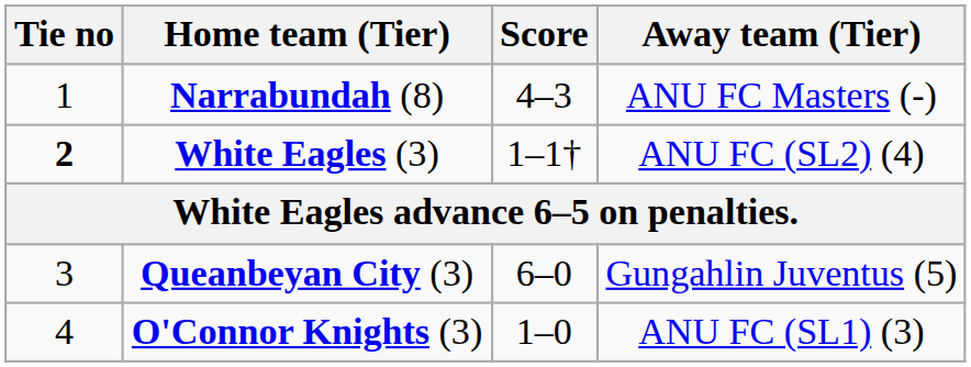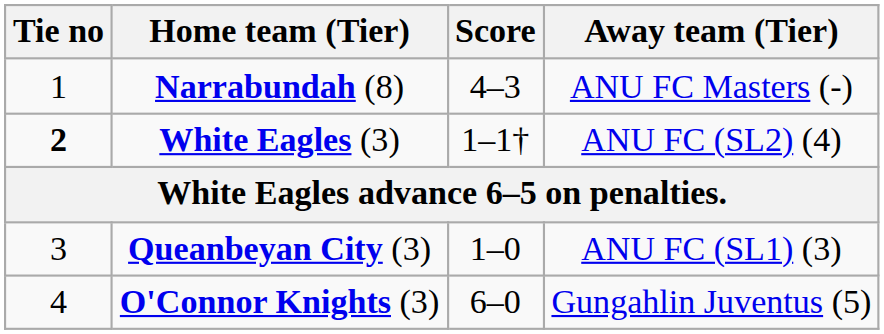 <table class="wikitable" style="text-align:center">
 <tr>
 <th>Tie no</th>
 <th>Home team (Tier)</th>
 <th>Score</th>
 <th>Away team (Tier)</th>
 </tr>
 <tr>
 <td>1</td>
 <td><strong><a href='#'>Narrabundah</a></strong> (8)</td>
 <td>4–3</td>
 <td><a href='#'>ANU FC Masters</a> (-)</td>
 </tr>
 <tr>
 <td><strong>2</strong></td>
 <td><strong><a href='#'>White Eagles</a></strong> (3)</td>
 <td>1–1†</td>
 <td><a href='#'>ANU FC (SL2)</a> (4)</td>
 </tr>
 <tr>
 <th colspan=4>White Eagles advance 6–5 on penalties.</th>
 </tr>
 <tr>
 <td>3</td>
 <td><strong><a href='#'>Queanbeyan City</a></strong> (3)</td>
-<td>6–0</td>
-<td><a href='#'>Gungahlin Juventus</a> (5)</td>
+<td>1–0</td>
+<td><a href='#'>ANU FC (SL1)</a> (3)</td>
 </tr>
 <tr>
 <td>4</td>
 <td><strong><a href='#'>O'Connor Knights</a></strong> (3)</td>
-<td>1–0</td>
-<td><a href='#'>ANU FC (SL1)</a> (3)</td>
+<td>6–0</td>
+<td><a href='#'>Gungahlin Juventus</a> (5)</td>
 </tr>
 </table>
